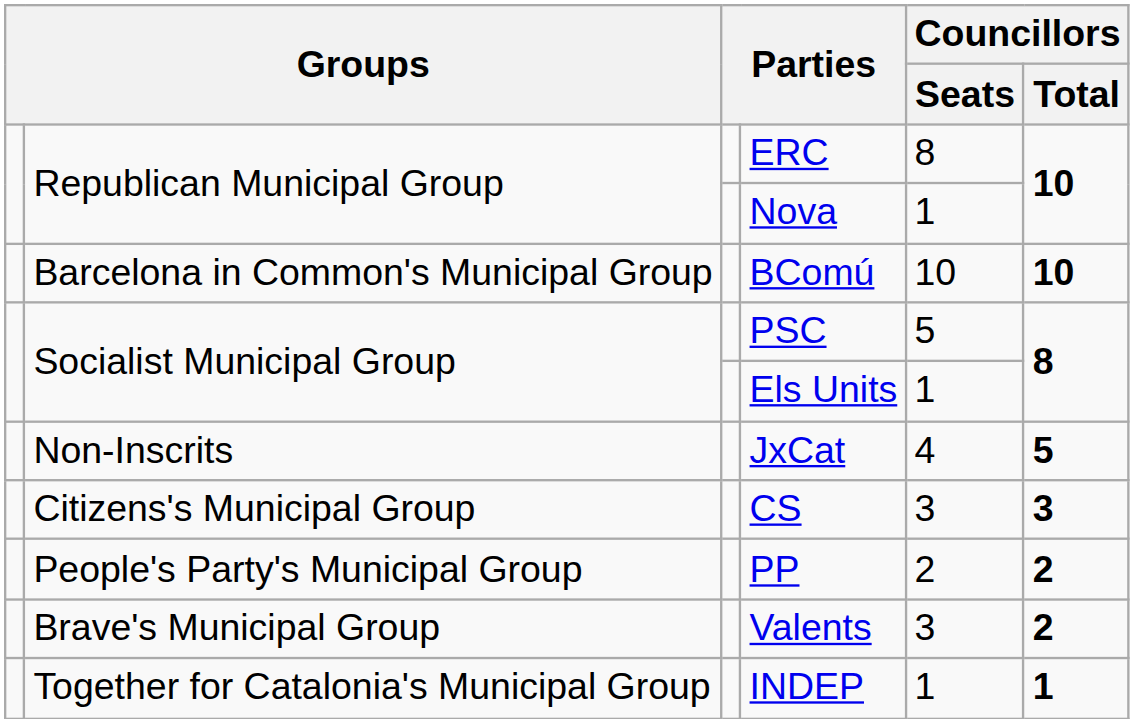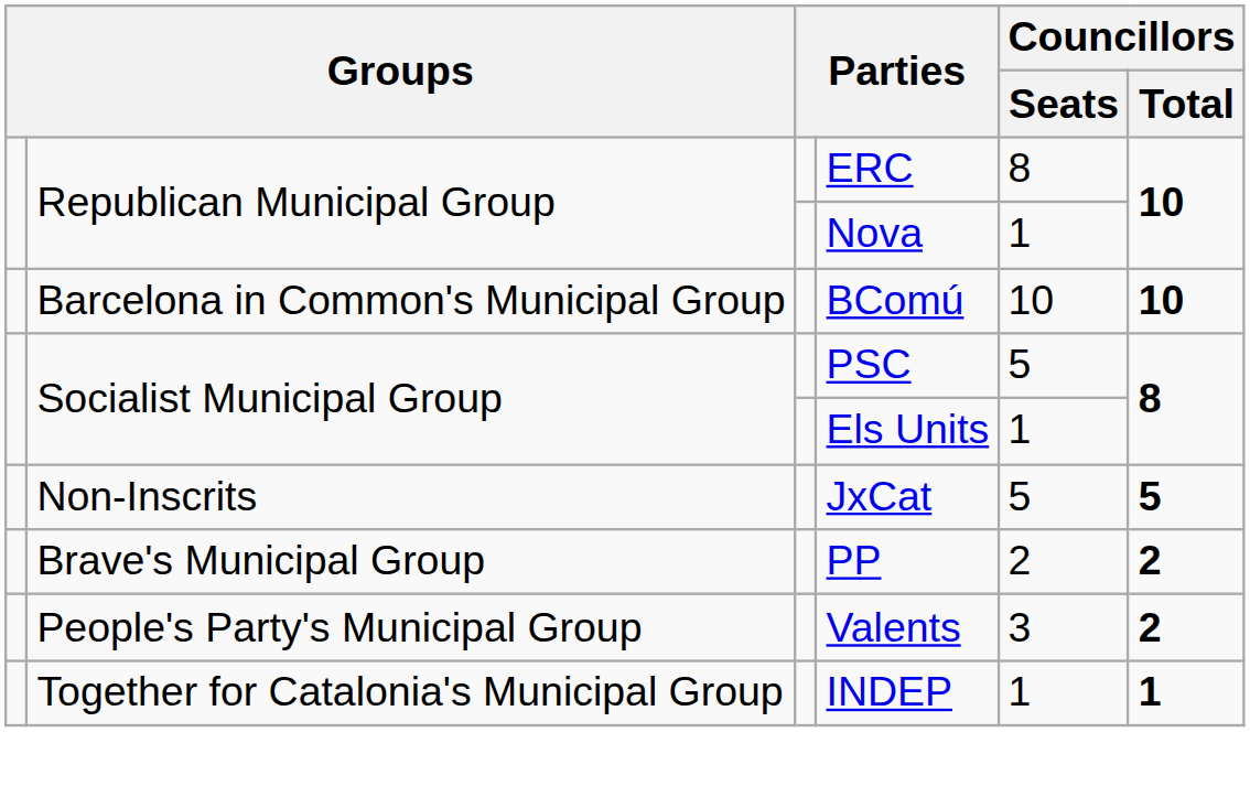 <table class="wikitable" style="text-align:left;">
 <tr>
 <th rowspan="2" colspan="2">Groups</th>
 <th rowspan="2" colspan="2">Parties</th>
 <th colspan="2">Councillors</th>
 </tr>
 <tr>
 <th>Seats</th>
 <th>Total</th>
 </tr>
 <tr>
 <td rowspan="2" width="1"></td>
 <td rowspan="2">Republican Municipal Group</td>
 <td width="1" style="color:inherit;background:"></td>
 <td><a href='#'>ERC</a></td>
 <td>8</td>
 <td rowspan="2"><strong>10</strong></td>
 </tr>
 <tr>
 <td style="color:inherit;background:"></td>
 <td><a href='#'>Nova</a></td>
 <td>1</td>
 </tr>
 <tr>
 <td style="color:inherit;background:"></td>
 <td>Barcelona in Common's Municipal Group</td>
 <td style="color:inherit;background:"></td>
 <td><a href='#'>BComú</a></td>
 <td>10</td>
 <td><strong>10</strong></td>
 </tr>
 <tr>
 <td rowspan="2" style="color:inherit;background:"></td>
 <td rowspan="2">Socialist Municipal Group</td>
 <td style="color:inherit;background:"></td>
 <td><a href='#'>PSC</a></td>
 <td>5</td>
 <td rowspan="2"><strong>8</strong></td>
 </tr>
 <tr>
 <td style="color:inherit;background:"></td>
 <td><a href='#'>Els Units</a></td>
 <td>1</td>
 </tr>
 <tr>
 <td style="color:inherit;background:"></td>
 <td>Non-Inscrits</td>
 <td style="color:inherit;background:"></td>
 <td><a href='#'>JxCat</a></td>
-<td>4</td>
+<td>5</td>
 <td><strong>5</strong></td>
 </tr>
 <tr>
 <td style="color:inherit;background:"></td>
-<td>Citizens's Municipal Group</td>
-<td style="color:inherit;background:"></td>
-<td><a href='#'>CS</a></td>
-<td>3</td>
-<td><strong>3</strong></td>
-</tr>
-<tr>
-<td style="color:inherit;background:"></td>
-<td>People's Party's Municipal Group</td>
+<td>Brave's Municipal Group</td>
 <td style="color:inherit;background:"></td>
 <td><a href='#'>PP</a></td>
 <td>2</td>
 <td><strong>2</strong></td>
 </tr>
 <tr>
 <td style="color:inherit;background:"></td>
-<td>Brave's Municipal Group</td>
+<td>People's Party's Municipal Group</td>
 <td style="color:inherit;background:"></td>
 <td><a href='#'>Valents</a></td>
 <td>3</td>
 <td><strong>2</strong></td>
 </tr>
 <tr>
 <td style="color:inherit;background:"></td>
 <td>Together for Catalonia's Municipal Group</td>
 <td style="color:inherit;background:"></td>
 <td><a href='#'>INDEP</a></td>
 <td>1</td>
 <td><strong>1</strong></td>
 </tr>
 </table>
